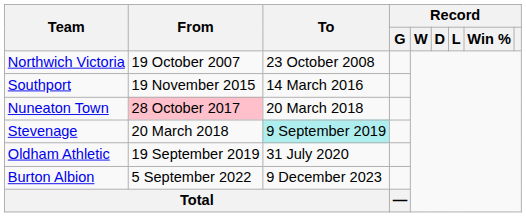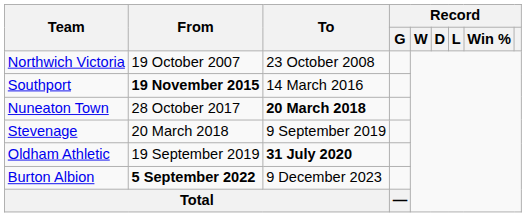 <table class="wikitable" style="text-align: center">
 <tr>
 <th rowspan="2">Team</th>
 <th rowspan="2">From</th>
 <th rowspan="2">To</th>
 <th colspan="6">Record</th>
 </tr>
 <tr>
 <th>G</th>
 <th>W</th>
 <th>D</th>
 <th>L</th>
 <th>Win %</th>
 <th></th>
 </tr>
 <tr>
 <td align=left><a href='#'>Northwich Victoria</a></td>
 <td align=left>19 October 2007</td>
 <td align=left>23 October 2008<br></td>
 <td></td>
 </tr>
 <tr>
 <td align=left><a href='#'>Southport</a></td>
-<td align=left>19 November 2015</td>
+<td align=left><strong>19 November 2015</strong></td>
 <td align=left>14 March 2016<br></td>
 <td></td>
 </tr>
 <tr>
 <td align=left><a href='#'>Nuneaton Town</a></td>
-<td align=left style="background: pink;">28 October 2017</td>
-<td align=left>20 March 2018<br></td>
+<td align=left>28 October 2017</td>
+<td align=left><strong>20 March 2018<br></strong></td>
 <td></td>
 </tr>
 <tr>
 <td align=left><a href='#'>Stevenage</a></td>
 <td align=left>20 March 2018</td>
-<td align=left style="background: paleturquoise;">9 September 2019<br></td>
+<td align=left>9 September 2019<br></td>
 <td></td>
 </tr>
 <tr>
 <td align=left><a href='#'>Oldham Athletic</a></td>
 <td align=left>19 September 2019</td>
-<td align=left>31 July 2020<br></td>
+<td align=left><strong>31 July 2020<br></strong></td>
 <td></td>
 </tr>
 <tr>
 <td align=left><a href='#'>Burton Albion</a></td>
-<td align=left>5 September 2022</td>
+<td align=left><strong>5 September 2022</strong></td>
 <td align=left>9 December 2023<br></td>
 <td></td>
 </tr>
 <tr>
 <th colspan=3>Total<br></th>
 <th>—</th>
 </tr>
 </table>
